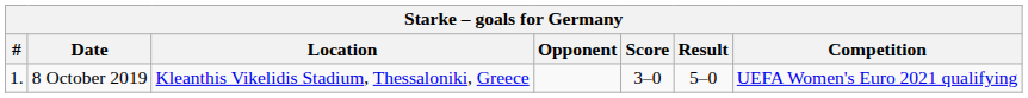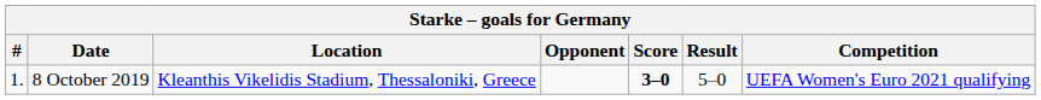 <table class="wikitable">
 <tr>
 <th colspan="7">Starke – goals for Germany</th>
 </tr>
 <tr>
 <th>#</th>
 <th>Date</th>
 <th>Location</th>
 <th>Opponent</th>
 <th>Score</th>
 <th>Result</th>
 <th>Competition</th>
 </tr>
 <tr>
 <td align=center>1.</td>
 <td>8 October 2019</td>
 <td><a href='#'>Kleanthis Vikelidis Stadium</a>, <a href='#'>Thessaloniki</a>, <a href='#'>Greece</a></td>
 <td></td>
-<td align=center>3–0</td>
+<td align=center><strong>3–0</strong></td>
 <td align=center>5–0</td>
 <td><a href='#'>UEFA Women's Euro 2021 qualifying</a></td>
 </tr>
 </table>
